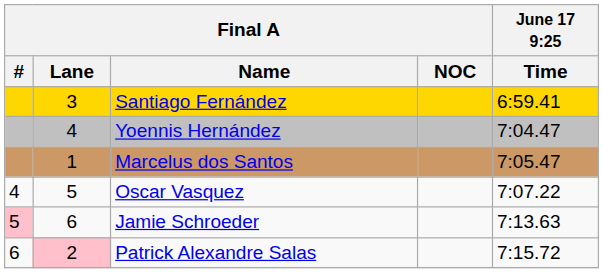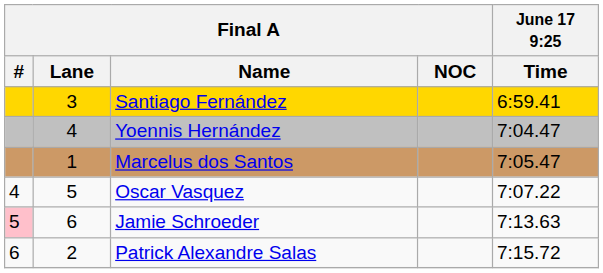 <table class="wikitable" width=500>
 <tr>
 <th colspan=4>Final A</th>
 <th colspan=2><small>June 17<br>9:25</small></th>
 </tr>
 <tr>
 <th>#</th>
 <th>Lane</th>
 <th>Name</th>
 <th>NOC</th>
 <th>Time</th>
 </tr>
 <tr bgcolor=gold>
 <td></td>
 <td align=center>3</td>
 <td><a href='#'>Santiago Fernández</a></td>
 <td></td>
 <td>6:59.41</td>
 </tr>
 <tr bgcolor=silver>
 <td></td>
 <td align=center>4</td>
 <td><a href='#'>Yoennis Hernández</a></td>
 <td></td>
 <td>7:04.47</td>
 </tr>
 <tr bgcolor=cc9966>
 <td></td>
 <td align=center>1</td>
 <td><a href='#'>Marcelus dos Santos</a></td>
 <td></td>
 <td>7:05.47</td>
 </tr>
 <tr>
 <td>4</td>
 <td align=center>5</td>
 <td><a href='#'>Oscar Vasquez</a></td>
 <td></td>
 <td>7:07.22</td>
 </tr>
 <tr>
 <td style="background: pink;">5</td>
 <td align=center>6</td>
 <td><a href='#'>Jamie Schroeder</a></td>
 <td></td>
 <td>7:13.63</td>
 </tr>
 <tr>
 <td>6</td>
-<td align=center style="background: pink;">2</td>
+<td align=center>2</td>
 <td><a href='#'>Patrick Alexandre Salas</a></td>
 <td></td>
 <td>7:15.72</td>
 </tr>
 <tr>
 </tr>
 </table>
